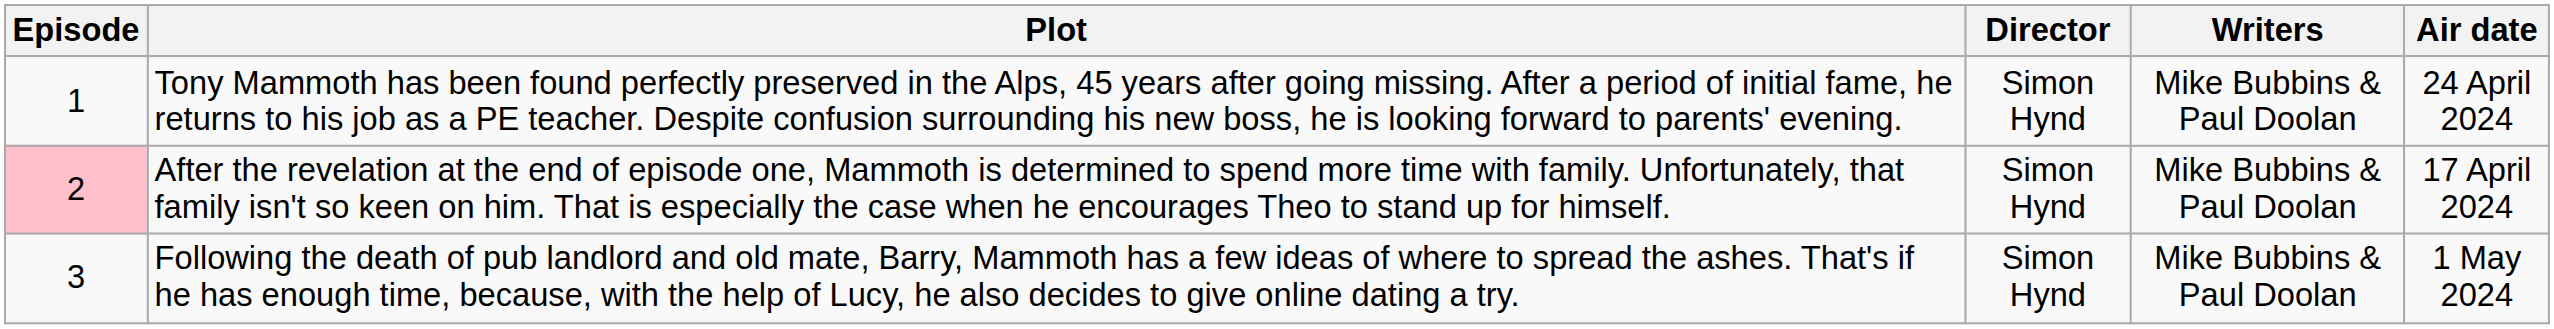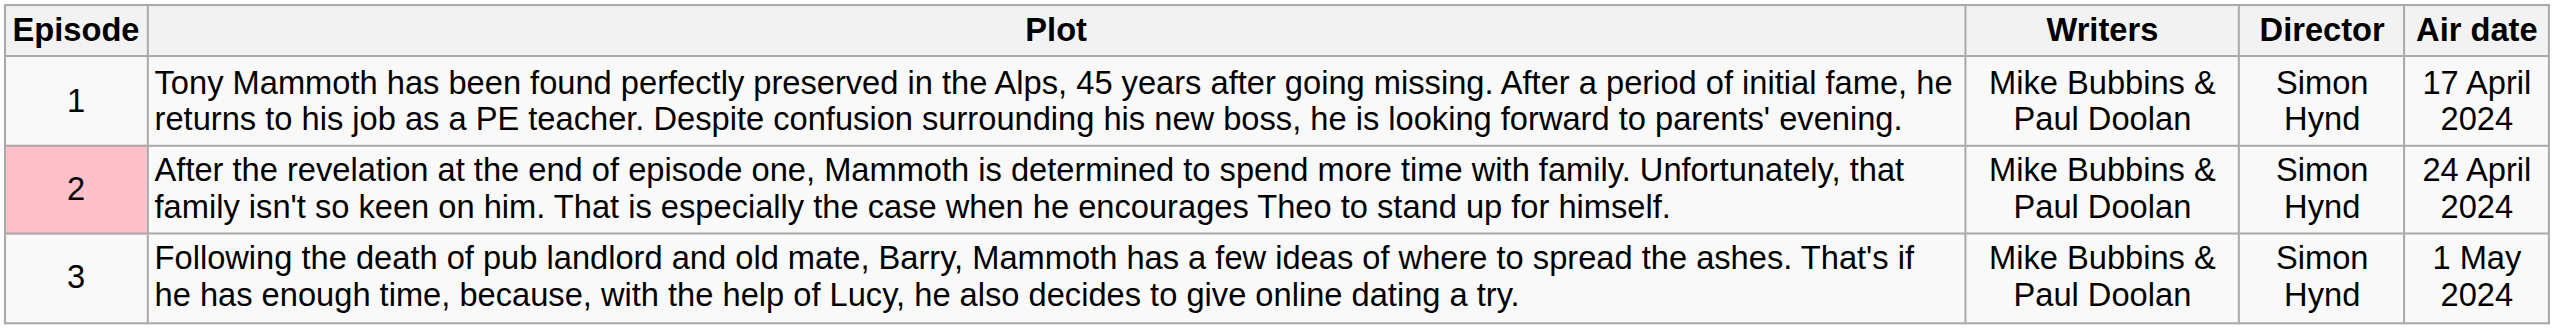 <table class="wikitable" style="text-align: center">
 <tr>
 <th>Episode</th>
 <th>Plot</th>
+<th>Writers</th>
 <th>Director</th>
-<th>Writers</th>
 <th>Air date</th>
 </tr>
 <tr>
 <td>1</td>
 <td style="text-align: left">Tony Mammoth has been found perfectly preserved in the Alps, 45 years after going missing. After a period of initial fame, he returns to his job as a PE teacher. Despite confusion surrounding his new boss, he is looking forward to parents' evening.</td>
+<td>Mike Bubbins & Paul Doolan</td>
 <td>Simon Hynd</td>
-<td>Mike Bubbins & Paul Doolan</td>
-<td>24 April 2024</td>
+<td>17 April 2024</td>
 </tr>
 <tr>
 <td style="background: pink;">2</td>
 <td style="text-align: left">After the revelation at the end of episode one, Mammoth is determined to spend more time with family. Unfortunately, that family isn't so keen on him. That is especially the case when he encourages Theo to stand up for himself.</td>
+<td>Mike Bubbins & Paul Doolan</td>
 <td>Simon Hynd</td>
-<td>Mike Bubbins & Paul Doolan</td>
-<td>17 April 2024</td>
+<td>24 April 2024</td>
 </tr>
 <tr>
 <td>3</td>
 <td style="text-align: left">Following the death of pub landlord and old mate, Barry, Mammoth has a few ideas of where to spread the ashes. That's if he has enough time, because, with the help of Lucy, he also decides to give online dating a try.</td>
+<td>Mike Bubbins & Paul Doolan</td>
 <td>Simon Hynd</td>
-<td>Mike Bubbins & Paul Doolan</td>
 <td>1 May 2024</td>
 </tr>
 </table>
